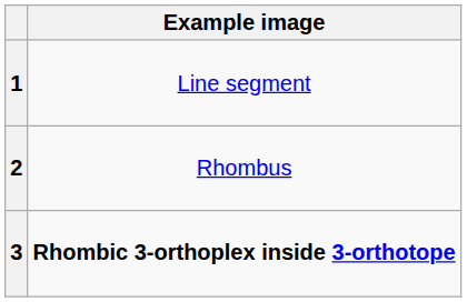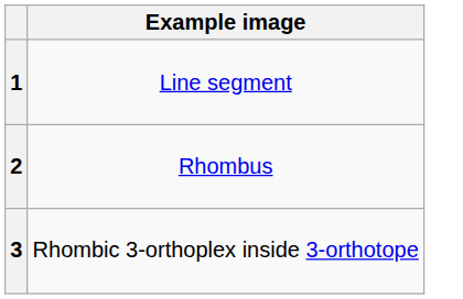 <table class=wikitable>
 <tr>
 <th></th>
 <th>Example image</th>
 </tr>
 <tr align=center>
 <th>1</th>
 <td><br><a href='#'>Line segment</a><br><br></td>
 </tr>
 <tr align=center>
 <th>2</th>
 <td><br><a href='#'>Rhombus</a><br><br></td>
 </tr>
 <tr align=center>
 <th>3</th>
-<td><strong><br>Rhombic 3-orthoplex inside <a href='#'>3-orthotope</a><br><br></strong></td>
+<td><br>Rhombic 3-orthoplex inside <a href='#'>3-orthotope</a><br><br></td>
 </tr>
 </table>
